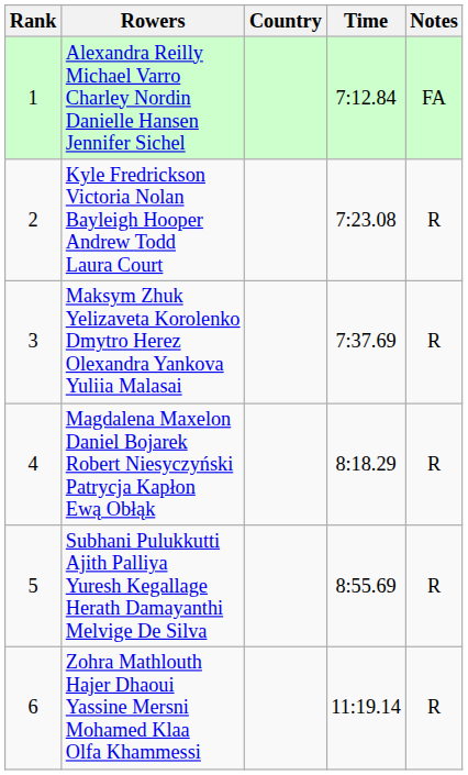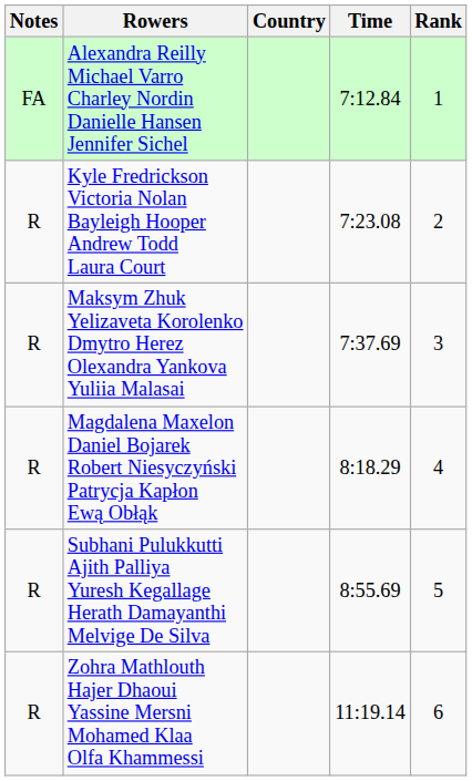 <table class="wikitable" style="text-align:center">
 <tr>
-<th>Rank</th>
+<th>Notes</th>
 <th>Rowers</th>
 <th>Country</th>
 <th>Time</th>
-<th>Notes</th>
+<th>Rank</th>
 </tr>
 <tr bgcolor=ccffcc>
-<td>1</td>
+<td>FA</td>
 <td align="left"><a href='#'>Alexandra Reilly</a><br><a href='#'>Michael Varro</a><br><a href='#'>Charley Nordin</a><br><a href='#'>Danielle Hansen</a><br><a href='#'>Jennifer Sichel</a></td>
 <td align="left"></td>
 <td>7:12.84</td>
-<td>FA</td>
+<td>1</td>
 </tr>
 <tr>
-<td>2</td>
+<td>R</td>
 <td align="left"><a href='#'>Kyle Fredrickson</a><br><a href='#'>Victoria Nolan</a><br><a href='#'>Bayleigh Hooper</a><br><a href='#'>Andrew Todd</a><br><a href='#'>Laura Court</a></td>
 <td align="left"></td>
 <td>7:23.08</td>
-<td>R</td>
+<td>2</td>
 </tr>
 <tr>
-<td>3</td>
+<td>R</td>
 <td align="left"><a href='#'>Maksym Zhuk</a><br><a href='#'>Yelizaveta Korolenko</a><br><a href='#'>Dmytro Herez</a><br><a href='#'>Olexandra Yankova</a><br><a href='#'>Yuliia Malasai</a></td>
 <td align="left"></td>
 <td>7:37.69</td>
-<td>R</td>
+<td>3</td>
 </tr>
 <tr>
-<td>4</td>
+<td>R</td>
 <td align="left"><a href='#'>Magdalena Maxelon</a><br><a href='#'>Daniel Bojarek</a><br><a href='#'>Robert Niesyczyński</a><br><a href='#'>Patrycja Kapłon</a><br><a href='#'>Ewą Obłąk</a></td>
 <td align="left"></td>
 <td>8:18.29</td>
-<td>R</td>
+<td>4</td>
 </tr>
 <tr>
-<td>5</td>
+<td>R</td>
 <td align="left"><a href='#'>Subhani Pulukkutti</a><br><a href='#'>Ajith Palliya</a><br><a href='#'>Yuresh Kegallage</a><br><a href='#'>Herath Damayanthi</a><br><a href='#'>Melvige De Silva</a></td>
 <td align="left"></td>
 <td>8:55.69</td>
-<td>R</td>
+<td>5</td>
 </tr>
 <tr>
-<td>6</td>
+<td>R</td>
 <td align="left"><a href='#'>Zohra Mathlouth</a><br><a href='#'>Hajer Dhaoui</a><br><a href='#'>Yassine Mersni</a><br><a href='#'>Mohamed Klaa</a><br><a href='#'>Olfa Khammessi</a></td>
 <td align="left"></td>
 <td>11:19.14</td>
-<td>R</td>
+<td>6</td>
 </tr>
 </table>
